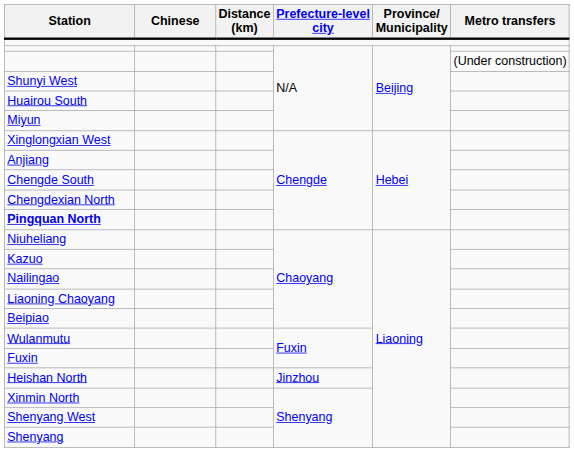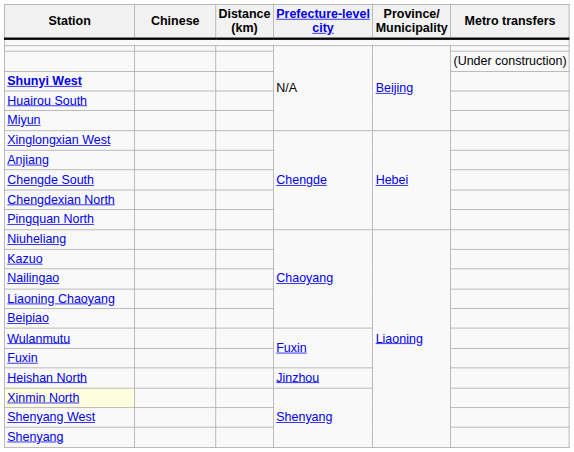 <table class="wikitable" rules="all">
 <tr>
 <th style="width:10em; border-bottom:3px solid black;">Station</th>
 <th style="width:6em; border-bottom:3px solid black;">Chinese</th>
 <th style="width:2.5em; border-bottom:3px solid black;">Distance<br>(km)</th>
 <th style="border-bottom:3px solid black;" colspan=><a href='#'>Prefecture-level<br>city</a></th>
 <th style="border-bottom:3px solid black;" colspan=>Province/<br>Municipality</th>
 <th style="border-bottom:3px solid black;" colspan=>Metro transfers</th>
 </tr>
 <tr>
 <td colspan="6"></td>
 </tr>
 <tr>
 <td></td>
 <td></td>
 <td align=right></td>
 <td rowspan="5">N/A</td>
 <td rowspan="5"><a href='#'>Beijing</a></td>
 <td> </td>
 </tr>
 <tr>
 <td></td>
 <td></td>
 <td align=right></td>
 <td>  (Under construction)</td>
 </tr>
 <tr>
-<td><a href='#'>Shunyi West</a></td>
+<td><strong><a href='#'>Shunyi West</a></strong></td>
 <td></td>
 <td align=right></td>
 <td></td>
 </tr>
 <tr>
 <td><a href='#'>Huairou South</a></td>
 <td></td>
 <td align=right></td>
 <td></td>
 </tr>
 <tr>
 <td><a href='#'>Miyun</a></td>
 <td></td>
 <td align=right></td>
 <td></td>
 </tr>
 <tr>
 <td><a href='#'>Xinglongxian West</a></td>
 <td></td>
 <td align=right></td>
 <td rowspan="5"><a href='#'>Chengde</a></td>
 <td rowspan="5"><a href='#'>Hebei</a></td>
 <td></td>
 </tr>
 <tr>
 <td><a href='#'>Anjiang</a></td>
 <td></td>
 <td align=right></td>
 <td></td>
 </tr>
 <tr>
 <td><a href='#'>Chengde South</a></td>
 <td></td>
 <td align=right></td>
 <td></td>
 </tr>
 <tr>
 <td><a href='#'>Chengdexian North</a></td>
 <td></td>
 <td align=right></td>
 <td></td>
 </tr>
 <tr>
-<td><strong><a href='#'>Pingquan North</a></strong></td>
+<td><a href='#'>Pingquan North</a></td>
 <td></td>
 <td align=right></td>
 <td></td>
 </tr>
 <tr>
 <td><a href='#'>Niuheliang</a></td>
 <td></td>
 <td align=right></td>
 <td rowspan="5"><a href='#'>Chaoyang</a></td>
 <td rowspan="11"><a href='#'>Liaoning</a></td>
 <td></td>
 </tr>
 <tr>
 <td><a href='#'>Kazuo</a></td>
 <td></td>
 <td align=right></td>
 <td></td>
 </tr>
 <tr>
 <td><a href='#'>Nailingao</a></td>
 <td></td>
 <td align=right></td>
 <td></td>
 </tr>
 <tr>
 <td><a href='#'>Liaoning Chaoyang</a></td>
 <td></td>
 <td align=right></td>
 <td></td>
 </tr>
 <tr>
 <td><a href='#'>Beipiao</a></td>
 <td></td>
 <td align=right></td>
 <td></td>
 </tr>
 <tr>
 <td><a href='#'>Wulanmutu</a></td>
 <td></td>
 <td align=right></td>
 <td rowspan="2"><a href='#'>Fuxin</a></td>
 <td></td>
 </tr>
 <tr>
 <td><a href='#'>Fuxin</a></td>
 <td></td>
 <td align=right></td>
 <td></td>
 </tr>
 <tr>
 <td><a href='#'>Heishan North</a></td>
 <td></td>
 <td align=right></td>
 <td><a href='#'>Jinzhou</a></td>
 <td></td>
 </tr>
 <tr>
-<td><a href='#'>Xinmin North</a></td>
+<td style="background: lightyellow;"><a href='#'>Xinmin North</a></td>
 <td></td>
 <td align=right></td>
 <td rowspan="8"><a href='#'>Shenyang</a></td>
 <td></td>
 </tr>
 <tr>
 <td><a href='#'>Shenyang West</a></td>
 <td></td>
 <td align=right></td>
 <td></td>
 </tr>
 <tr>
 <td><a href='#'>Shenyang</a></td>
 <td></td>
 <td align=right></td>
 <td> </td>
 </tr>
 </table>
